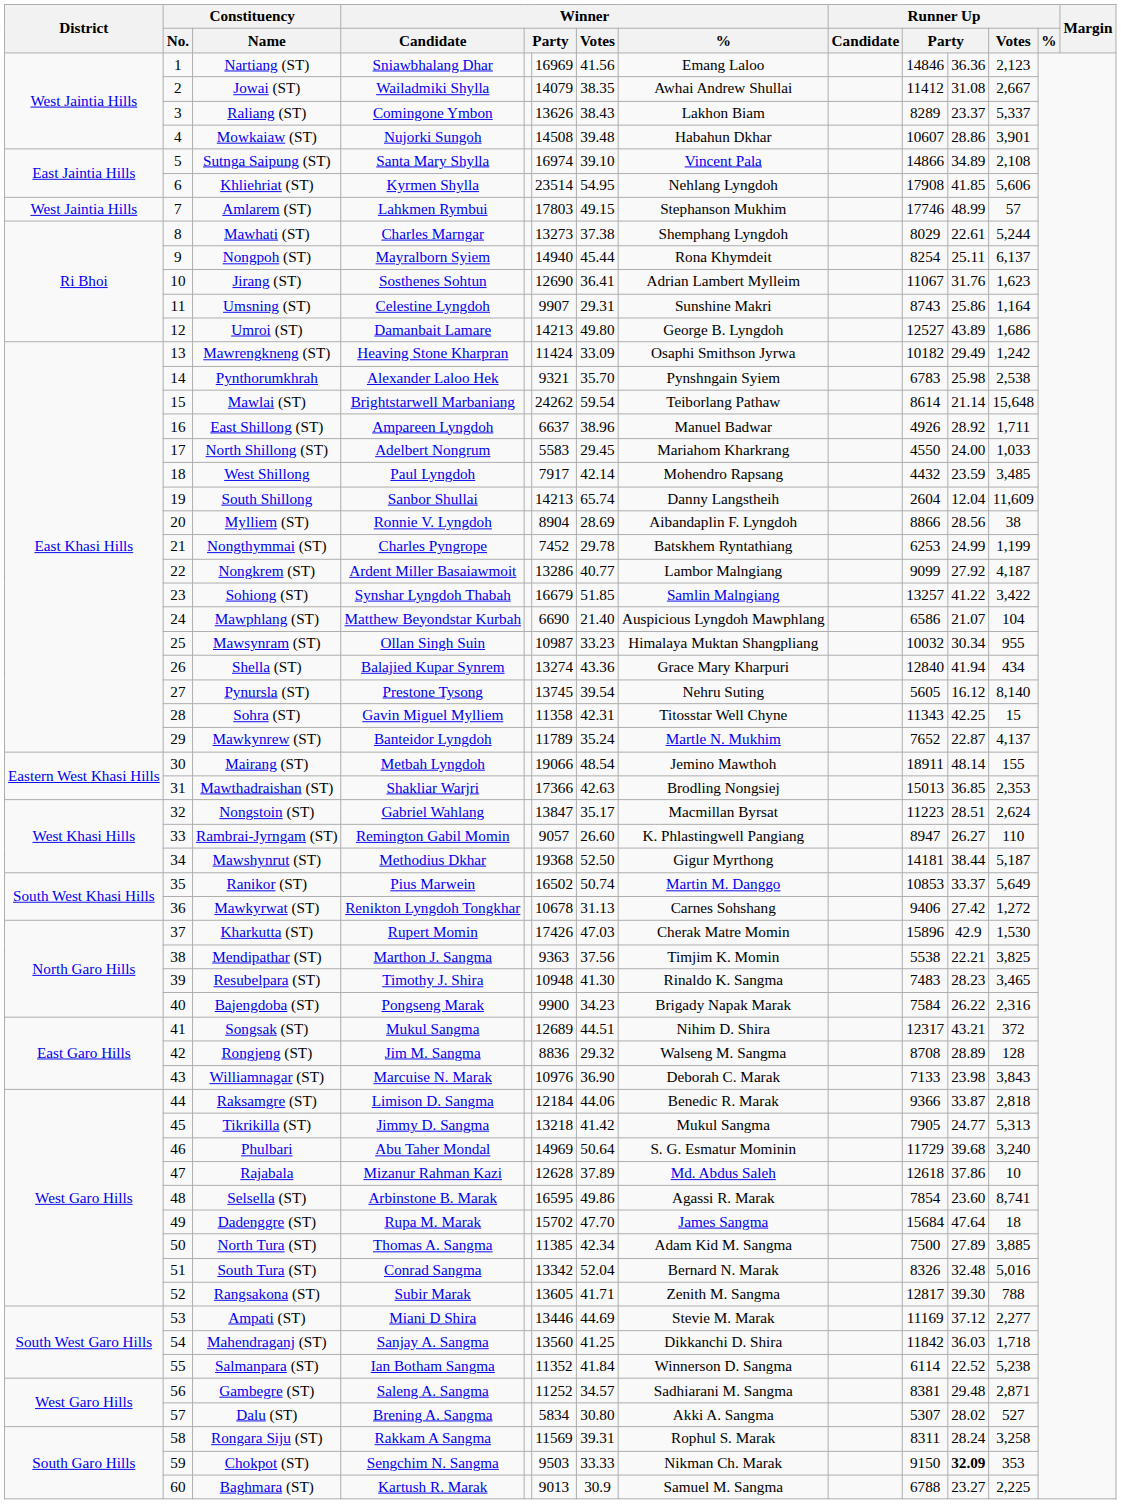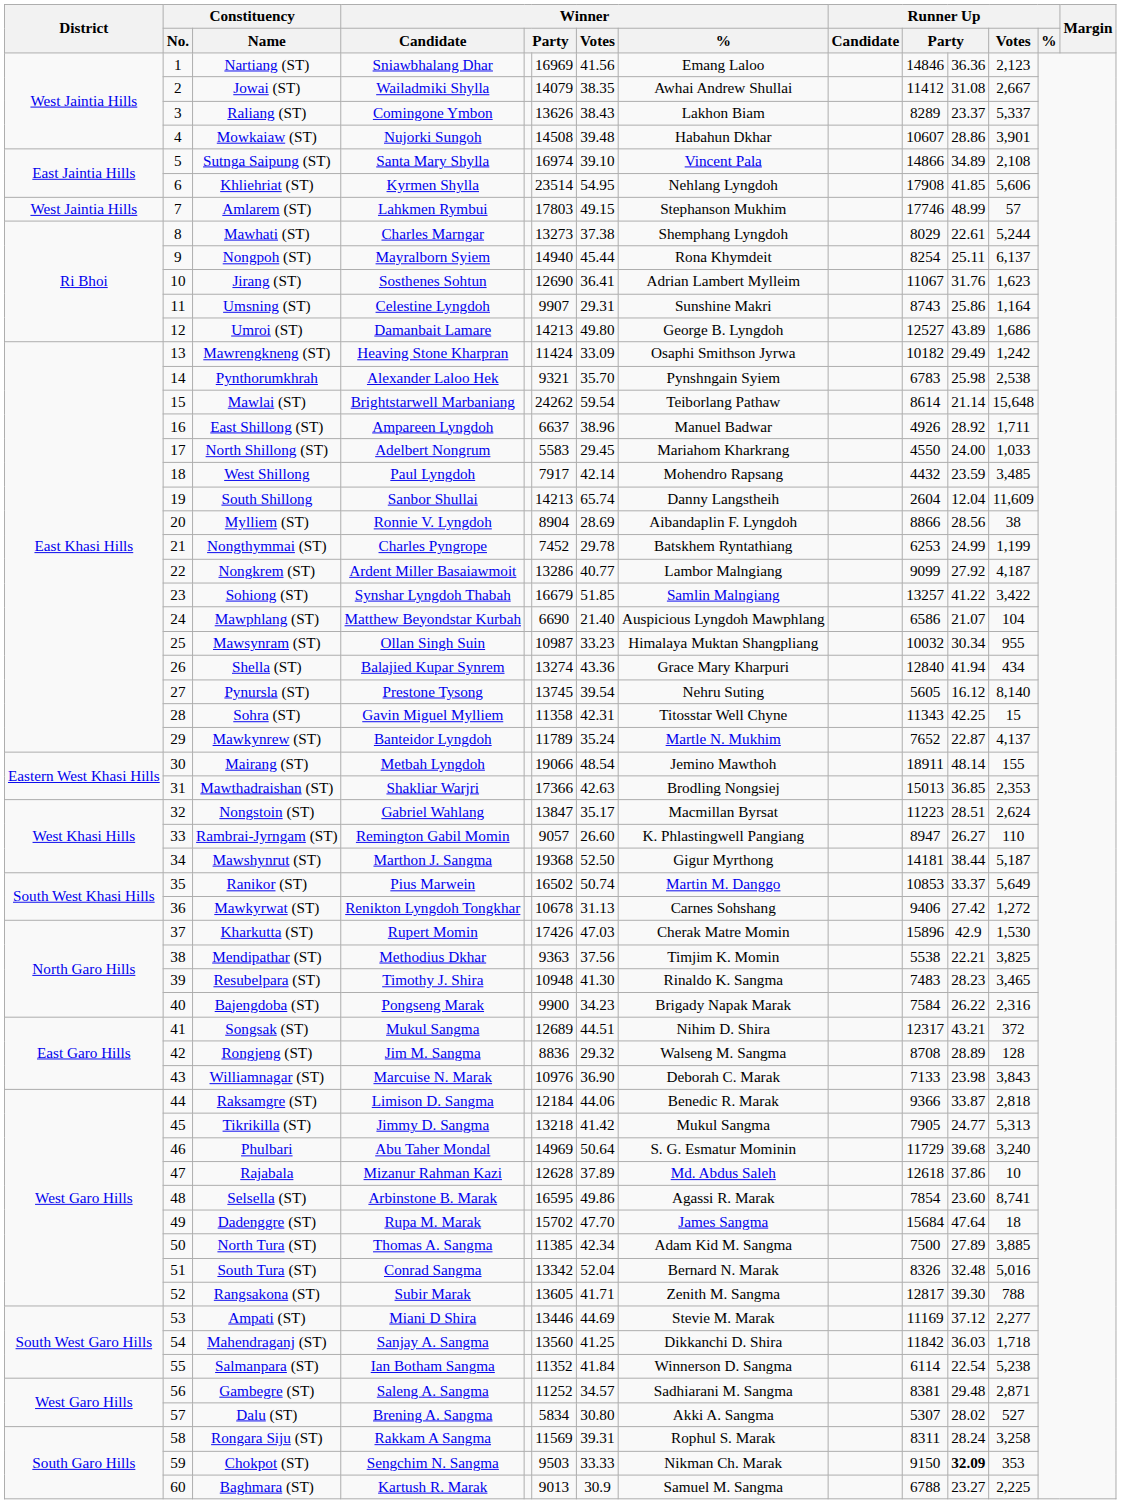 <table class="wikitable sortable" style="text-align:center;">
 <tr>
 <th rowspan="2">District</th>
 <th colspan="2">Constituency</th>
 <th colspan="5">Winner</th>
 <th colspan="5">Runner Up</th>
 <th rowspan="2">Margin</th>
 </tr>
 <tr>
 <th>No.</th>
 <th>Name</th>
 <th>Candidate</th>
 <th colspan="2">Party</th>
 <th>Votes</th>
 <th><strong>%</strong></th>
 <th>Candidate</th>
 <th colspan="2">Party</th>
 <th>Votes</th>
 <th><strong>%</strong></th>
 </tr>
 <tr>
 <td rowspan="4"><a href='#'>West Jaintia Hills</a></td>
 <td>1</td>
 <td><a href='#'>Nartiang</a> (ST)</td>
 <td><a href='#'>Sniawbhalang Dhar</a></td>
 <td></td>
 <td>16969</td>
 <td>41.56</td>
 <td>Emang Laloo</td>
 <td></td>
 <td>14846</td>
 <td>36.36</td>
 <td style="background:">2,123</td>
 </tr>
 <tr>
 <td>2</td>
 <td><a href='#'>Jowai</a> (ST)</td>
 <td><a href='#'>Wailadmiki Shylla</a></td>
 <td></td>
 <td>14079</td>
 <td>38.35</td>
 <td>Awhai Andrew Shullai</td>
 <td></td>
 <td>11412</td>
 <td>31.08</td>
 <td style="background:">2,667</td>
 </tr>
 <tr>
 <td>3</td>
 <td><a href='#'>Raliang</a> (ST)</td>
 <td><a href='#'>Comingone Ymbon</a></td>
 <td></td>
 <td>13626</td>
 <td>38.43</td>
 <td>Lakhon Biam</td>
 <td></td>
 <td>8289</td>
 <td>23.37</td>
 <td style="background:">5,337</td>
 </tr>
 <tr>
 <td>4</td>
 <td><a href='#'>Mowkaiaw</a> (ST)</td>
 <td><a href='#'>Nujorki Sungoh</a></td>
 <td></td>
 <td>14508</td>
 <td>39.48</td>
 <td>Habahun Dkhar</td>
 <td></td>
 <td>10607</td>
 <td>28.86</td>
 <td style="background:">3,901</td>
 </tr>
 <tr>
 <td rowspan="2"><a href='#'>East Jaintia Hills</a></td>
 <td>5</td>
 <td><a href='#'>Sutnga Saipung</a> (ST)</td>
 <td><a href='#'>Santa Mary Shylla</a></td>
 <td></td>
 <td>16974</td>
 <td>39.10</td>
 <td><a href='#'>Vincent Pala</a></td>
 <td></td>
 <td>14866</td>
 <td>34.89</td>
 <td style="background:">2,108</td>
 </tr>
 <tr>
 <td>6</td>
 <td><a href='#'>Khliehriat</a> (ST)</td>
 <td><a href='#'>Kyrmen Shylla</a></td>
 <td></td>
 <td>23514</td>
 <td>54.95</td>
 <td>Nehlang Lyngdoh</td>
 <td></td>
 <td>17908</td>
 <td>41.85</td>
 <td style="background:">5,606</td>
 </tr>
 <tr>
 <td><a href='#'>West Jaintia Hills</a></td>
 <td>7</td>
 <td><a href='#'>Amlarem</a> (ST)</td>
 <td><a href='#'>Lahkmen Rymbui</a></td>
 <td></td>
 <td>17803</td>
 <td>49.15</td>
 <td>Stephanson Mukhim</td>
 <td></td>
 <td>17746</td>
 <td>48.99</td>
 <td style="background:">57</td>
 </tr>
 <tr>
 <td rowspan="5"><a href='#'>Ri Bhoi</a></td>
 <td>8</td>
 <td><a href='#'>Mawhati</a> (ST)</td>
 <td><a href='#'>Charles Marngar</a></td>
 <td></td>
 <td>13273</td>
 <td>37.38</td>
 <td>Shemphang Lyngdoh</td>
 <td></td>
 <td>8029</td>
 <td>22.61</td>
 <td style="background:">5,244</td>
 </tr>
 <tr>
 <td>9</td>
 <td><a href='#'>Nongpoh</a> (ST)</td>
 <td><a href='#'>Mayralborn Syiem</a></td>
 <td></td>
 <td>14940</td>
 <td>45.44</td>
 <td>Rona Khymdeit</td>
 <td></td>
 <td>8254</td>
 <td>25.11</td>
 <td style="background:">6,137</td>
 </tr>
 <tr>
 <td>10</td>
 <td><a href='#'>Jirang</a> (ST)</td>
 <td><a href='#'>Sosthenes Sohtun</a></td>
 <td></td>
 <td>12690</td>
 <td>36.41</td>
 <td>Adrian Lambert Mylleim</td>
 <td></td>
 <td>11067</td>
 <td>31.76</td>
 <td style="background:">1,623</td>
 </tr>
 <tr>
 <td>11</td>
 <td><a href='#'>Umsning</a> (ST)</td>
 <td><a href='#'>Celestine Lyngdoh</a></td>
 <td></td>
 <td>9907</td>
 <td>29.31</td>
 <td>Sunshine Makri</td>
 <td></td>
 <td>8743</td>
 <td>25.86</td>
 <td style="background:">1,164</td>
 </tr>
 <tr>
 <td>12</td>
 <td><a href='#'>Umroi</a> (ST)</td>
 <td><a href='#'>Damanbait Lamare</a></td>
 <td></td>
 <td>14213</td>
 <td>49.80</td>
 <td>George B. Lyngdoh</td>
 <td></td>
 <td>12527</td>
 <td>43.89</td>
 <td style="background:">1,686</td>
 </tr>
 <tr>
 <td rowspan="17"><a href='#'>East Khasi Hills</a></td>
 <td>13</td>
 <td><a href='#'>Mawrengkneng</a> (ST)</td>
 <td><a href='#'>Heaving Stone Kharpran</a></td>
 <td></td>
 <td>11424</td>
 <td>33.09</td>
 <td>Osaphi Smithson Jyrwa</td>
 <td></td>
 <td>10182</td>
 <td>29.49</td>
 <td style="background:">1,242</td>
 </tr>
 <tr>
 <td>14</td>
 <td><a href='#'>Pynthorumkhrah</a></td>
 <td><a href='#'>Alexander Laloo Hek</a></td>
 <td></td>
 <td>9321</td>
 <td>35.70</td>
 <td>Pynshngain Syiem</td>
 <td></td>
 <td>6783</td>
 <td>25.98</td>
 <td style="background:">2,538</td>
 </tr>
 <tr>
 <td>15</td>
 <td><a href='#'>Mawlai</a> (ST)</td>
 <td><a href='#'>Brightstarwell Marbaniang</a></td>
 <td></td>
 <td>24262</td>
 <td>59.54</td>
 <td>Teiborlang Pathaw</td>
 <td></td>
 <td>8614</td>
 <td>21.14</td>
 <td style="background:">15,648</td>
 </tr>
 <tr>
 <td>16</td>
 <td><a href='#'>East Shillong</a> (ST)</td>
 <td><a href='#'>Ampareen Lyngdoh</a></td>
 <td></td>
 <td>6637</td>
 <td>38.96</td>
 <td>Manuel Badwar</td>
 <td></td>
 <td>4926</td>
 <td>28.92</td>
 <td style="background:">1,711</td>
 </tr>
 <tr>
 <td>17</td>
 <td><a href='#'>North Shillong</a> (ST)</td>
 <td><a href='#'>Adelbert Nongrum</a></td>
 <td></td>
 <td>5583</td>
 <td>29.45</td>
 <td>Mariahom Kharkrang</td>
 <td></td>
 <td>4550</td>
 <td>24.00</td>
 <td style="background:">1,033</td>
 </tr>
 <tr>
 <td>18</td>
 <td><a href='#'>West Shillong</a></td>
 <td><a href='#'>Paul Lyngdoh</a></td>
 <td></td>
 <td>7917</td>
 <td>42.14</td>
 <td>Mohendro Rapsang</td>
 <td></td>
 <td>4432</td>
 <td>23.59</td>
 <td style="background:">3,485</td>
 </tr>
 <tr>
 <td>19</td>
 <td><a href='#'>South Shillong</a></td>
 <td><a href='#'>Sanbor Shullai</a></td>
 <td></td>
 <td>14213</td>
 <td>65.74</td>
 <td>Danny Langstheih</td>
 <td></td>
 <td>2604</td>
 <td>12.04</td>
 <td style="background:">11,609</td>
 </tr>
 <tr>
 <td>20</td>
 <td><a href='#'>Mylliem</a> (ST)</td>
 <td><a href='#'>Ronnie V. Lyngdoh</a></td>
 <td></td>
 <td>8904</td>
 <td>28.69</td>
 <td>Aibandaplin F. Lyngdoh</td>
 <td></td>
 <td>8866</td>
 <td>28.56</td>
 <td style="background:">38</td>
 </tr>
 <tr>
 <td>21</td>
 <td><a href='#'>Nongthymmai</a> (ST)</td>
 <td><a href='#'>Charles Pyngrope</a></td>
 <td></td>
 <td>7452</td>
 <td>29.78</td>
 <td>Batskhem Ryntathiang</td>
 <td></td>
 <td>6253</td>
 <td>24.99</td>
 <td style="background:">1,199</td>
 </tr>
 <tr>
 <td>22</td>
 <td><a href='#'>Nongkrem</a> (ST)</td>
 <td><a href='#'>Ardent Miller Basaiawmoit</a></td>
 <td></td>
 <td>13286</td>
 <td>40.77</td>
 <td>Lambor Malngiang</td>
 <td></td>
 <td>9099</td>
 <td>27.92</td>
 <td style="background:">4,187</td>
 </tr>
 <tr>
 <td>23</td>
 <td><a href='#'>Sohiong</a> (ST)</td>
 <td><a href='#'>Synshar Lyngdoh Thabah</a></td>
 <td></td>
 <td>16679</td>
 <td>51.85</td>
 <td><a href='#'>Samlin Malngiang</a></td>
 <td></td>
 <td>13257</td>
 <td>41.22</td>
 <td style="background:">3,422</td>
 </tr>
 <tr>
 <td>24</td>
 <td><a href='#'>Mawphlang</a> (ST)</td>
 <td><a href='#'>Matthew Beyondstar Kurbah</a></td>
 <td></td>
 <td>6690</td>
 <td>21.40</td>
 <td>Auspicious Lyngdoh Mawphlang</td>
 <td></td>
 <td>6586</td>
 <td>21.07</td>
 <td style="background:">104</td>
 </tr>
 <tr>
 <td>25</td>
 <td><a href='#'>Mawsynram</a> (ST)</td>
 <td><a href='#'>Ollan Singh Suin</a></td>
 <td></td>
 <td>10987</td>
 <td>33.23</td>
 <td>Himalaya Muktan Shangpliang</td>
 <td></td>
 <td>10032</td>
 <td>30.34</td>
 <td style="background:">955</td>
 </tr>
 <tr>
 <td>26</td>
 <td><a href='#'>Shella</a> (ST)</td>
 <td><a href='#'>Balajied Kupar Synrem</a></td>
 <td></td>
 <td>13274</td>
 <td>43.36</td>
 <td>Grace Mary Kharpuri</td>
 <td></td>
 <td>12840</td>
 <td>41.94</td>
 <td style="background:">434</td>
 </tr>
 <tr>
 <td>27</td>
 <td><a href='#'>Pynursla</a> (ST)</td>
 <td><a href='#'>Prestone Tysong</a></td>
 <td></td>
 <td>13745</td>
 <td>39.54</td>
 <td>Nehru Suting</td>
 <td></td>
 <td>5605</td>
 <td>16.12</td>
 <td style="background:">8,140</td>
 </tr>
 <tr>
 <td>28</td>
 <td><a href='#'>Sohra</a> (ST)</td>
 <td><a href='#'>Gavin Miguel Mylliem</a></td>
 <td></td>
 <td>11358</td>
 <td>42.31</td>
 <td>Titosstar Well Chyne</td>
 <td></td>
 <td>11343</td>
 <td>42.25</td>
 <td style="background:">15</td>
 </tr>
 <tr>
 <td>29</td>
 <td><a href='#'>Mawkynrew</a> (ST)</td>
 <td><a href='#'>Banteidor Lyngdoh</a></td>
 <td></td>
 <td>11789</td>
 <td>35.24</td>
 <td><a href='#'>Martle N. Mukhim</a></td>
 <td></td>
 <td>7652</td>
 <td>22.87</td>
 <td style="background:">4,137</td>
 </tr>
 <tr>
 <td rowspan="2"><a href='#'>Eastern West Khasi Hills</a></td>
 <td>30</td>
 <td><a href='#'>Mairang</a> (ST)</td>
 <td><a href='#'>Metbah Lyngdoh</a></td>
 <td></td>
 <td>19066</td>
 <td>48.54</td>
 <td>Jemino Mawthoh</td>
 <td></td>
 <td>18911</td>
 <td>48.14</td>
 <td style="background:">155</td>
 </tr>
 <tr>
 <td>31</td>
 <td><a href='#'>Mawthadraishan</a> (ST)</td>
 <td><a href='#'>Shakliar Warjri</a></td>
 <td></td>
 <td>17366</td>
 <td>42.63</td>
 <td>Brodling Nongsiej</td>
 <td></td>
 <td>15013</td>
 <td>36.85</td>
 <td style="background:">2,353</td>
 </tr>
 <tr>
 <td rowspan="3"><a href='#'>West Khasi Hills</a></td>
 <td>32</td>
 <td><a href='#'>Nongstoin</a> (ST)</td>
 <td><a href='#'>Gabriel Wahlang</a></td>
 <td></td>
 <td>13847</td>
 <td>35.17</td>
 <td>Macmillan Byrsat</td>
 <td></td>
 <td>11223</td>
 <td>28.51</td>
 <td style="background:">2,624</td>
 </tr>
 <tr>
 <td>33</td>
 <td><a href='#'>Rambrai-Jyrngam</a> (ST)</td>
 <td><a href='#'>Remington Gabil Momin</a></td>
 <td></td>
 <td>9057</td>
 <td>26.60</td>
 <td>K. Phlastingwell Pangiang</td>
 <td></td>
 <td>8947</td>
 <td>26.27</td>
 <td style="background:">110</td>
 </tr>
 <tr>
 <td>34</td>
 <td><a href='#'>Mawshynrut</a> (ST)</td>
-<td><a href='#'>Methodius Dkhar</a></td>
+<td><a href='#'>Marthon J. Sangma</a></td>
 <td></td>
 <td>19368</td>
 <td>52.50</td>
 <td>Gigur Myrthong</td>
 <td></td>
 <td>14181</td>
 <td>38.44</td>
 <td style="background:">5,187</td>
 </tr>
 <tr>
 <td rowspan="2"><a href='#'>South West Khasi Hills</a></td>
 <td>35</td>
 <td><a href='#'>Ranikor</a> (ST)</td>
 <td><a href='#'>Pius Marwein</a></td>
 <td></td>
 <td>16502</td>
 <td>50.74</td>
 <td><a href='#'>Martin M. Danggo</a></td>
 <td></td>
 <td>10853</td>
 <td>33.37</td>
 <td style="background:">5,649</td>
 </tr>
 <tr>
 <td>36</td>
 <td><a href='#'>Mawkyrwat</a> (ST)</td>
 <td><a href='#'>Renikton Lyngdoh Tongkhar</a></td>
 <td></td>
 <td>10678</td>
 <td>31.13</td>
 <td>Carnes Sohshang</td>
 <td></td>
 <td>9406</td>
 <td>27.42</td>
 <td style="background:">1,272</td>
 </tr>
 <tr>
 <td rowspan="4"><a href='#'>North Garo Hills</a></td>
 <td>37</td>
 <td><a href='#'>Kharkutta</a> (ST)</td>
 <td><a href='#'>Rupert Momin</a></td>
 <td></td>
 <td>17426</td>
 <td>47.03</td>
 <td>Cherak Matre Momin</td>
 <td></td>
 <td>15896</td>
 <td>42.9</td>
 <td style="background:">1,530</td>
 </tr>
 <tr>
 <td>38</td>
 <td><a href='#'>Mendipathar</a> (ST)</td>
-<td><a href='#'>Marthon J. Sangma</a></td>
+<td><a href='#'>Methodius Dkhar</a></td>
 <td></td>
 <td>9363</td>
 <td>37.56</td>
 <td>Timjim K. Momin</td>
 <td></td>
 <td>5538</td>
 <td>22.21</td>
 <td style="background:">3,825</td>
 </tr>
 <tr>
 <td>39</td>
 <td><a href='#'>Resubelpara</a> (ST)</td>
 <td><a href='#'>Timothy J. Shira</a></td>
 <td></td>
 <td>10948</td>
 <td>41.30</td>
 <td>Rinaldo K. Sangma</td>
 <td></td>
 <td>7483</td>
 <td>28.23</td>
 <td style="background:">3,465</td>
 </tr>
 <tr>
 <td>40</td>
 <td><a href='#'>Bajengdoba</a> (ST)</td>
 <td><a href='#'>Pongseng Marak</a></td>
 <td></td>
 <td>9900</td>
 <td>34.23</td>
 <td>Brigady Napak Marak</td>
 <td></td>
 <td>7584</td>
 <td>26.22</td>
 <td style="background:">2,316</td>
 </tr>
 <tr>
 <td rowspan="3"><a href='#'>East Garo Hills</a></td>
 <td>41</td>
 <td><a href='#'>Songsak</a> (ST)</td>
 <td><a href='#'>Mukul Sangma</a></td>
 <td></td>
 <td>12689</td>
 <td>44.51</td>
 <td>Nihim D. Shira</td>
 <td></td>
 <td>12317</td>
 <td>43.21</td>
 <td style="background:">372</td>
 </tr>
 <tr>
 <td>42</td>
 <td><a href='#'>Rongjeng</a> (ST)</td>
 <td><a href='#'>Jim M. Sangma</a></td>
 <td></td>
 <td>8836</td>
 <td>29.32</td>
 <td>Walseng M. Sangma</td>
 <td></td>
 <td>8708</td>
 <td>28.89</td>
 <td style="background:">128</td>
 </tr>
 <tr>
 <td>43</td>
 <td><a href='#'>Williamnagar</a> (ST)</td>
 <td><a href='#'>Marcuise N. Marak</a></td>
 <td></td>
 <td>10976</td>
 <td>36.90</td>
 <td>Deborah C. Marak</td>
 <td></td>
 <td>7133</td>
 <td>23.98</td>
 <td style="background:">3,843</td>
 </tr>
 <tr>
 <td rowspan="9"><a href='#'>West Garo Hills</a></td>
 <td>44</td>
 <td><a href='#'>Raksamgre</a> (ST)</td>
 <td><a href='#'>Limison D. Sangma</a></td>
 <td></td>
 <td>12184</td>
 <td>44.06</td>
 <td>Benedic R. Marak</td>
 <td></td>
 <td>9366</td>
 <td>33.87</td>
 <td style="background:">2,818</td>
 </tr>
 <tr>
 <td>45</td>
 <td><a href='#'>Tikrikilla</a> (ST)</td>
 <td><a href='#'>Jimmy D. Sangma</a></td>
 <td></td>
 <td>13218</td>
 <td>41.42</td>
 <td>Mukul Sangma</td>
 <td></td>
 <td>7905</td>
 <td>24.77</td>
 <td style="background:">5,313</td>
 </tr>
 <tr>
 <td>46</td>
 <td><a href='#'>Phulbari</a></td>
 <td><a href='#'>Abu Taher Mondal</a></td>
 <td></td>
 <td>14969</td>
 <td>50.64</td>
 <td>S. G. Esmatur Mominin</td>
 <td></td>
 <td>11729</td>
 <td>39.68</td>
 <td style="background:">3,240</td>
 </tr>
 <tr>
 <td>47</td>
 <td><a href='#'>Rajabala</a></td>
 <td><a href='#'>Mizanur Rahman Kazi</a></td>
 <td></td>
 <td>12628</td>
 <td>37.89</td>
 <td><a href='#'>Md. Abdus Saleh</a></td>
 <td></td>
 <td>12618</td>
 <td>37.86</td>
 <td style="background:">10</td>
 </tr>
 <tr>
 <td>48</td>
 <td><a href='#'>Selsella</a> (ST)</td>
 <td><a href='#'>Arbinstone B. Marak</a></td>
 <td></td>
 <td>16595</td>
 <td>49.86</td>
 <td>Agassi R. Marak</td>
 <td></td>
 <td>7854</td>
 <td>23.60</td>
 <td style="background:">8,741</td>
 </tr>
 <tr>
 <td>49</td>
 <td><a href='#'>Dadenggre</a> (ST)</td>
 <td><a href='#'>Rupa M. Marak</a></td>
 <td></td>
 <td>15702</td>
 <td>47.70</td>
 <td><a href='#'>James Sangma</a></td>
 <td></td>
 <td>15684</td>
 <td>47.64</td>
 <td style="background:">18</td>
 </tr>
 <tr>
 <td>50</td>
 <td><a href='#'>North Tura</a> (ST)</td>
 <td><a href='#'>Thomas A. Sangma</a></td>
 <td></td>
 <td>11385</td>
 <td>42.34</td>
 <td>Adam Kid M. Sangma</td>
 <td></td>
 <td>7500</td>
 <td>27.89</td>
 <td style="background:">3,885</td>
 </tr>
 <tr>
 <td>51</td>
 <td><a href='#'>South Tura</a> (ST)</td>
 <td><a href='#'>Conrad Sangma</a></td>
 <td></td>
 <td>13342</td>
 <td>52.04</td>
 <td>Bernard N. Marak</td>
 <td></td>
 <td>8326</td>
 <td>32.48</td>
 <td style="background:">5,016</td>
 </tr>
 <tr>
 <td>52</td>
 <td><a href='#'>Rangsakona</a> (ST)</td>
 <td><a href='#'>Subir Marak</a></td>
 <td></td>
 <td>13605</td>
 <td>41.71</td>
 <td>Zenith M. Sangma</td>
 <td></td>
 <td>12817</td>
 <td>39.30</td>
 <td style="background:">788</td>
 </tr>
 <tr>
 <td rowspan="3"><a href='#'>South West Garo Hills</a></td>
 <td>53</td>
 <td><a href='#'>Ampati</a> (ST)</td>
 <td><a href='#'>Miani D Shira</a></td>
 <td></td>
 <td>13446</td>
 <td>44.69</td>
 <td>Stevie M. Marak</td>
 <td></td>
 <td>11169</td>
 <td>37.12</td>
 <td style="background:">2,277</td>
 </tr>
 <tr>
 <td>54</td>
 <td><a href='#'>Mahendraganj</a> (ST)</td>
 <td><a href='#'>Sanjay A. Sangma</a></td>
 <td></td>
 <td>13560</td>
 <td>41.25</td>
 <td>Dikkanchi D. Shira</td>
 <td></td>
 <td>11842</td>
 <td>36.03</td>
 <td style="background:">1,718</td>
 </tr>
 <tr>
 <td>55</td>
 <td><a href='#'>Salmanpara</a> (ST)</td>
 <td><a href='#'>Ian Botham Sangma</a></td>
 <td></td>
 <td>11352</td>
 <td>41.84</td>
 <td>Winnerson D. Sangma</td>
 <td></td>
 <td>6114</td>
-<td>22.52</td>
+<td>22.54</td>
 <td style="background:">5,238</td>
 </tr>
 <tr>
 <td rowspan="2"><a href='#'>West Garo Hills</a></td>
 <td>56</td>
 <td><a href='#'>Gambegre</a> (ST)</td>
 <td><a href='#'>Saleng A. Sangma</a></td>
 <td></td>
 <td>11252</td>
 <td>34.57</td>
 <td>Sadhiarani M. Sangma</td>
 <td></td>
 <td>8381</td>
 <td>29.48</td>
 <td style="background:">2,871</td>
 </tr>
 <tr>
 <td>57</td>
 <td><a href='#'>Dalu</a> (ST)</td>
 <td><a href='#'>Brening A. Sangma</a></td>
 <td></td>
 <td>5834</td>
 <td>30.80</td>
 <td>Akki A. Sangma</td>
 <td></td>
 <td>5307</td>
 <td>28.02</td>
 <td style="background:">527</td>
 </tr>
 <tr>
 <td rowspan="3"><a href='#'>South Garo Hills</a></td>
 <td>58</td>
 <td><a href='#'>Rongara Siju</a> (ST)</td>
 <td><a href='#'>Rakkam A Sangma</a></td>
 <td></td>
 <td>11569</td>
 <td>39.31</td>
 <td>Rophul S. Marak</td>
 <td></td>
 <td>8311</td>
 <td>28.24</td>
 <td style="background:">3,258</td>
 </tr>
 <tr>
 <td>59</td>
 <td><a href='#'>Chokpot</a> (ST)</td>
 <td><a href='#'>Sengchim N. Sangma</a></td>
 <td></td>
 <td>9503</td>
 <td>33.33</td>
 <td>Nikman Ch. Marak</td>
 <td></td>
 <td>9150</td>
 <td><strong>32.09</strong></td>
 <td style="background:">353</td>
 </tr>
 <tr>
 <td>60</td>
 <td><a href='#'>Baghmara</a> (ST)</td>
 <td><a href='#'>Kartush R. Marak</a></td>
 <td></td>
 <td>9013</td>
 <td>30.9</td>
 <td>Samuel M. Sangma</td>
 <td></td>
 <td>6788</td>
 <td>23.27</td>
 <td style="background:">2,225</td>
 </tr>
 </table>
